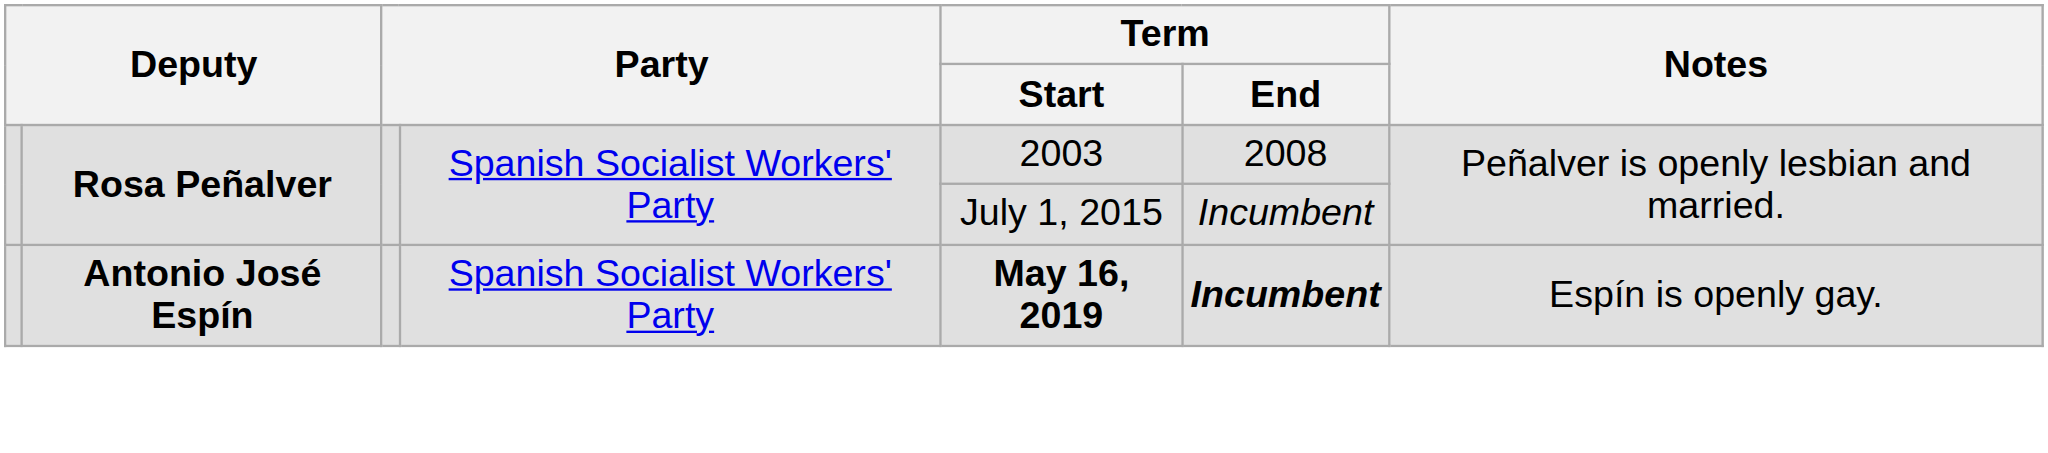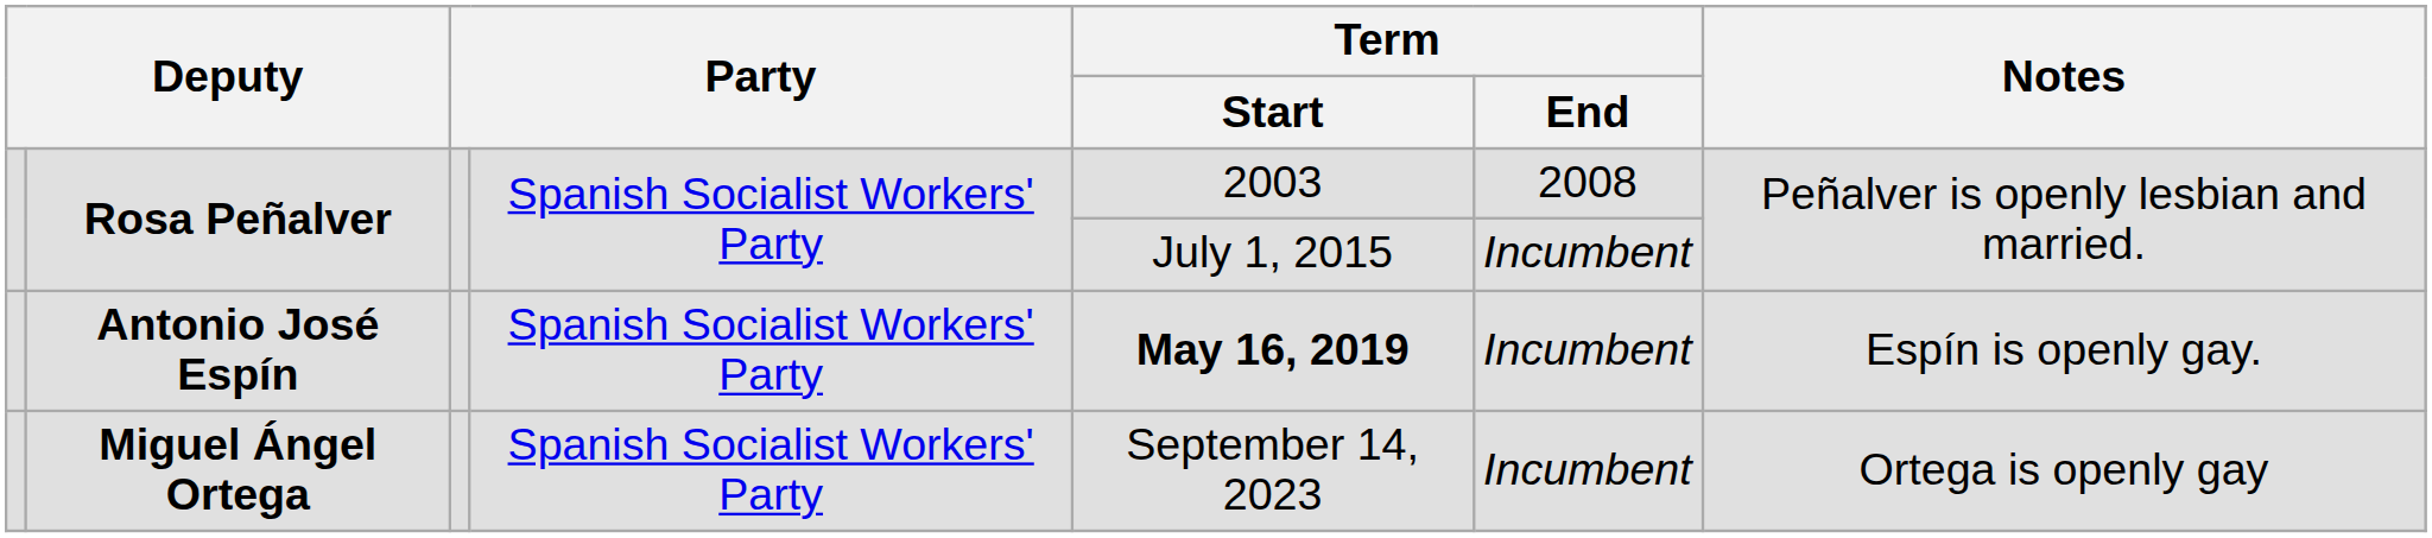 <table class="wikitable sortable" style="text-align:center">
 <tr>
 <th colspan="2" rowspan="2">Deputy</th>
 <th colspan="2" rowspan="2">Party</th>
 <th colspan="2">Term</th>
 <th rowspan="2">Notes</th>
 </tr>
 <tr>
 <th>Start</th>
 <th>End</th>
 </tr>
 <tr style="background:#e0e0e0">
 <td rowspan="2"></td>
 <td rowspan="2"><strong>Rosa Peñalver</strong></td>
 <td rowspan="2" style="background-color:"></td>
 <td rowspan="2"><a href='#'>Spanish Socialist Workers' Party</a></td>
 <td>2003</td>
 <td>2008</td>
 <td rowspan="2">Peñalver is openly lesbian and married.</td>
 </tr>
 <tr style="background:#e0e0e0">
 <td>July 1, 2015</td>
 <td><em>Incumbent</em></td>
 </tr>
 <tr style="background:#e0e0e0">
 <td></td>
 <td><strong>Antonio José Espín</strong></td>
 <td style="background-color:"></td>
 <td><a href='#'>Spanish Socialist Workers' Party</a></td>
 <td><strong>May 16, 2019</strong></td>
-<td><strong><em>Incumbent</em></strong></td>
+<td><em>Incumbent</em></td>
 <td>Espín is openly gay.</td>
 </tr>
+<tr style="background:#e0e0e0">
+<td></td>
+<td><strong>Miguel Ángel Ortega</strong></td>
+<td style="background-color:"></td>
+<td><a href='#'>Spanish Socialist Workers' Party</a></td>
+<td>September 14, 2023</td>
+<td><em>Incumbent</em></td>
+<td>Ortega is openly gay</td>
+</tr>
 </table>
